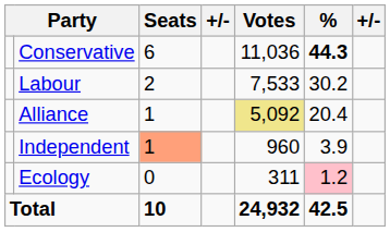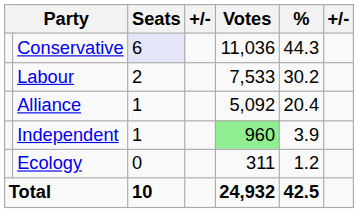 <table class="wikitable sortable">
 <tr>
 <th colspan="2">Party</th>
 <th>Seats</th>
 <th>+/-</th>
 <th>Votes</th>
 <th>%</th>
 <th>+/-</th>
 </tr>
 <tr>
 <td style="background-color: "></td>
 <td><a href='#'>Conservative</a></td>
-<td>6</td>
+<td style="background: lavender;">6</td>
 <td></td>
 <td style="text-align:right;">11,036</td>
-<td style="text-align:right;"><strong>44.3</strong></td>
+<td style="text-align:right;">44.3</td>
 <td style="text-align:right;"></td>
 </tr>
 <tr>
 <td style="background-color: "></td>
 <td><a href='#'>Labour</a></td>
 <td>2</td>
 <td></td>
 <td style="text-align:right;">7,533</td>
 <td style="text-align:right;">30.2</td>
 <td style="text-align:right;"></td>
 </tr>
 <tr>
 <td style="background-color: "></td>
 <td><a href='#'>Alliance</a></td>
 <td>1</td>
 <td></td>
-<td style="background: khaki; text-align:right;">5,092</td>
+<td style="text-align:right;">5,092</td>
 <td style="text-align:right;">20.4</td>
 <td style="text-align:right;"></td>
 </tr>
 <tr>
 <td style="background-color: "></td>
 <td><a href='#'>Independent</a></td>
-<td style="background: lightsalmon;">1</td>
+<td>1</td>
 <td></td>
-<td style="text-align:right;">960</td>
+<td style="background: lightgreen; text-align:right;">960</td>
 <td style="text-align:right;">3.9</td>
 <td style="text-align:right;"></td>
 </tr>
 <tr>
 <td style="background-color: "></td>
 <td><a href='#'>Ecology</a></td>
 <td>0</td>
 <td></td>
 <td style="text-align:right;">311</td>
-<td style="background: pink; text-align:right;">1.2</td>
+<td style="text-align:right;">1.2</td>
 <td style="text-align:right;"></td>
 </tr>
 <tr>
 <td colspan="2"><strong>Total</strong></td>
 <td><strong>10</strong></td>
 <td></td>
 <td style="text-align:right;"><strong>24,932</strong></td>
 <td style="text-align:right;"><strong>42.5</strong></td>
 <td style="text-align:right;"></td>
 </tr>
 </table>
